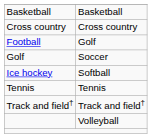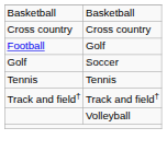 <table class="wikitable" clear:right; margin:0 0 1em 1em;">
 <tr>
 </tr>
 <tr>
 <td>Basketball</td>
 <td>Basketball</td>
 </tr>
 <tr>
 <td>Cross country</td>
 <td>Cross country</td>
 </tr>
 <tr>
 <td><a href='#'>Football</a></td>
 <td>Golf</td>
 </tr>
 <tr>
 <td>Golf</td>
 <td>Soccer</td>
 </tr>
 <tr>
-<td><a href='#'>Ice hockey</a></td>
-<td>Softball</td>
-</tr>
-<tr>
 <td>Tennis</td>
 <td>Tennis</td>
 </tr>
 <tr>
 <td>Track and field<sup>†</sup></td>
 <td>Track and field<sup>†</sup></td>
 </tr>
 <tr>
 <td></td>
 <td>Volleyball</td>
 </tr>
 <tr>
 <td colspan="2"></td>
 </tr>
 </table>
